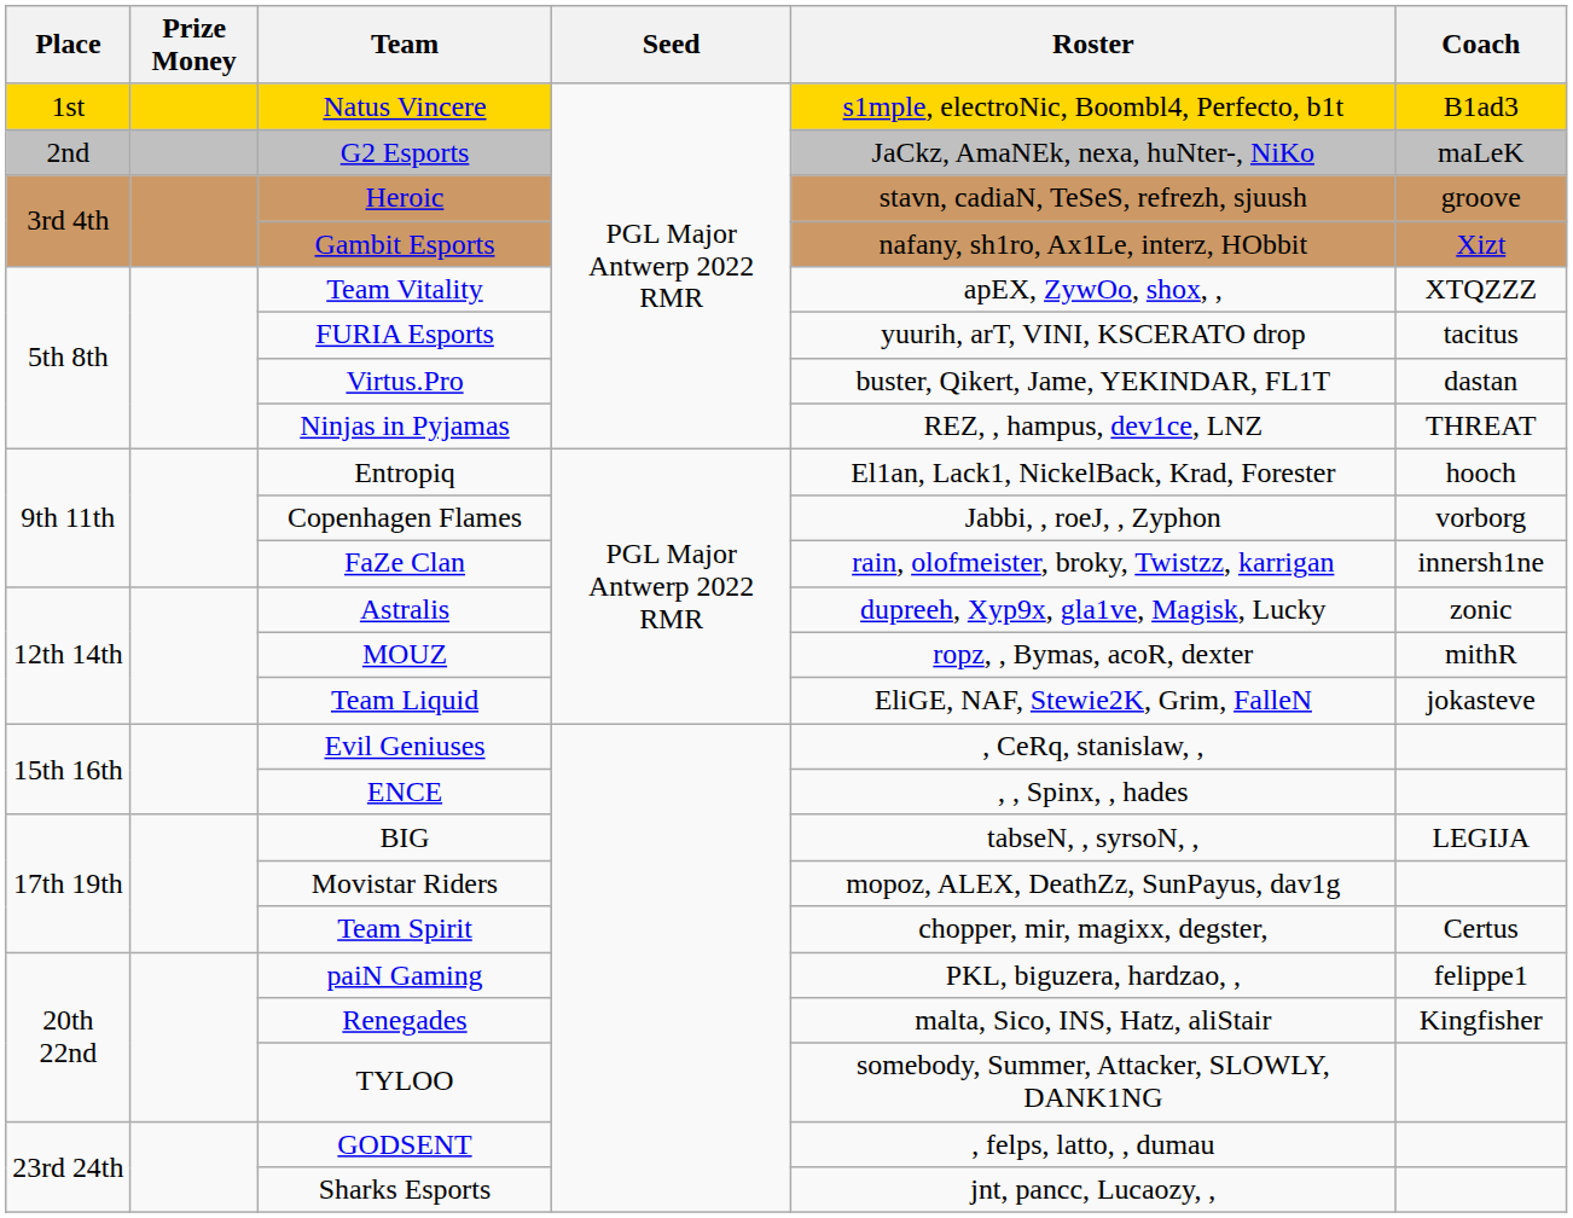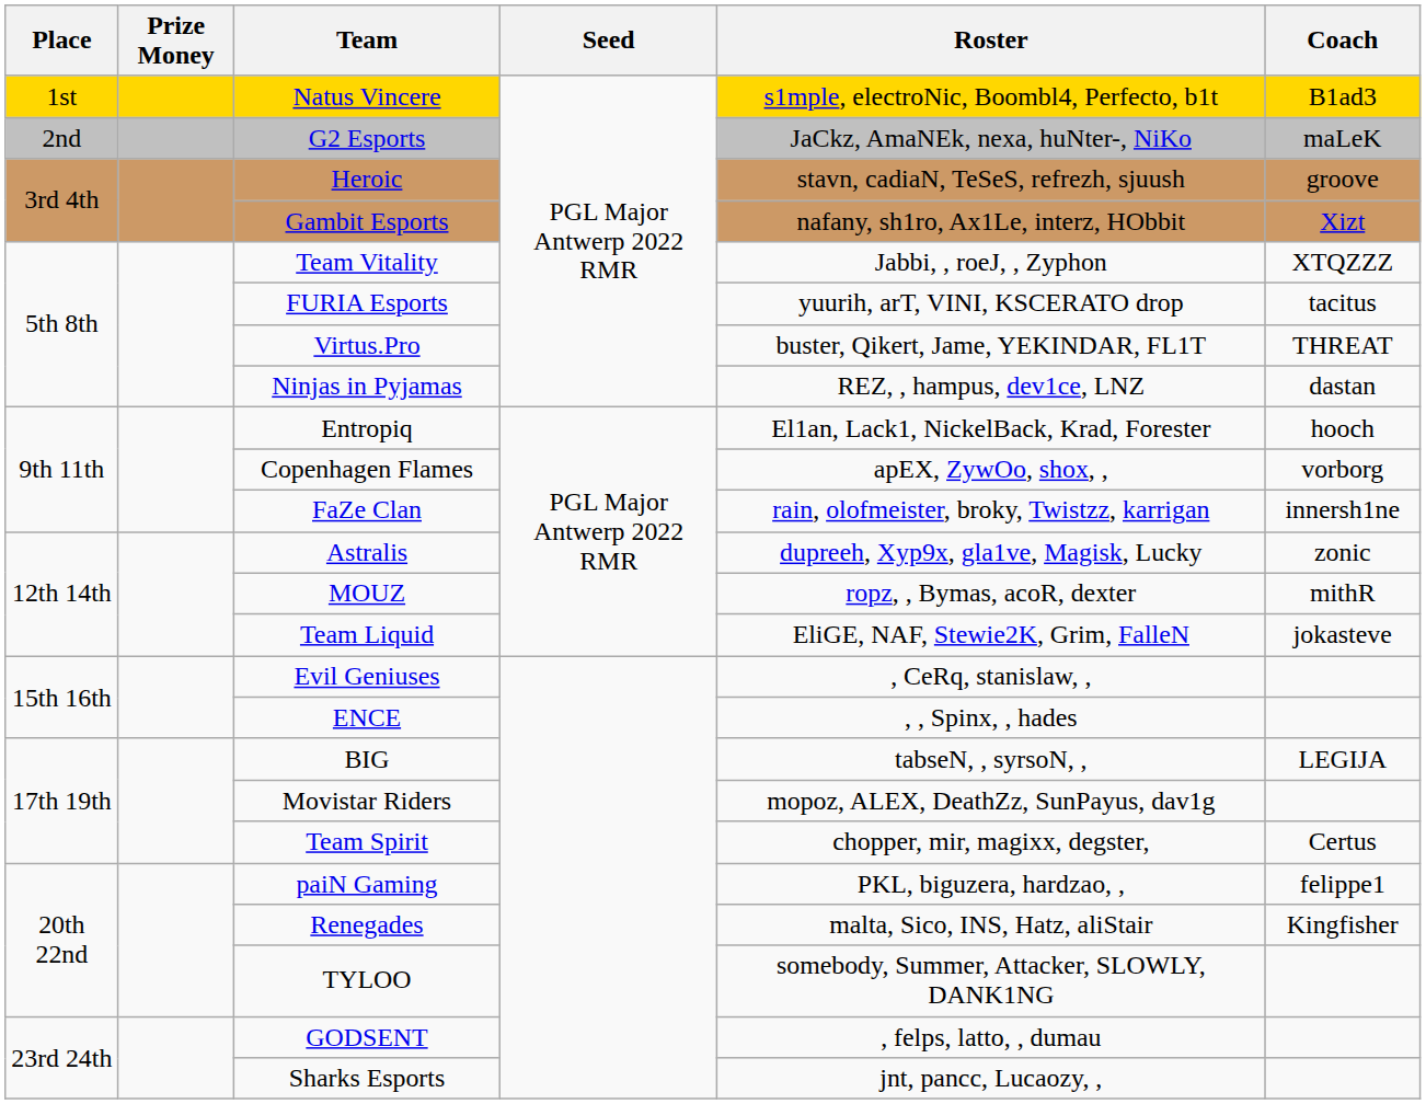 <table class="wikitable" style="text-align:center">
 <tr>
 <th width="80px">Place</th>
 <th width="75px">Prize Money</th>
 <th width="210">Team</th>
 <th width="175px">Seed</th>
 <th width="500px">Roster</th>
 <th width="100">Coach</th>
 </tr>
 <tr>
 <td style="text-align:center; background:gold;">1st</td>
 <td style="text-align:center; background:gold;"></td>
 <td style="text-align:center; background:gold;"><a href='#'>Natus Vincere</a></td>
 <td rowspan="8">PGL Major Antwerp 2022 RMR</td>
 <td style="text-align:center; background:gold;"><a href='#'>s1mple</a>, electroNic, Boombl4, Perfecto, b1t</td>
 <td style="text-align:center; background:gold;">B1ad3</td>
 </tr>
 <tr>
 <td style="text-align:center; background:silver;">2nd</td>
 <td style="text-align:center; background:silver;"></td>
 <td style="text-align:center; background:silver;"><a href='#'>G2 Esports</a></td>
 <td style="text-align:center; background:silver;">JaCkz, AmaNEk, nexa, huNter-, <a href='#'>NiKo</a></td>
 <td style="text-align:center; background:silver;">maLeK</td>
 </tr>
 <tr>
 <td style="text-align:center; background:#c96;" rowspan="2">3rd  4th</td>
 <td style="text-align:center; background:#c96;" rowspan="2"></td>
 <td style="text-align:center; background:#c96;"><a href='#'>Heroic</a></td>
 <td style="text-align:center; background:#c96;">stavn, cadiaN, TeSeS, refrezh, sjuush</td>
 <td style="text-align:center; background:#c96;">groove</td>
 </tr>
 <tr>
 <td style="text-align:center; background:#c96;"><a href='#'>Gambit Esports</a></td>
 <td style="text-align:center; background:#c96;">nafany, sh1ro, Ax1Le, interz, HObbit</td>
 <td style="text-align:center; background:#c96;"><a href='#'>Xizt</a></td>
 </tr>
 <tr>
 <td rowspan="4">5th  8th</td>
 <td rowspan="4"></td>
 <td><a href='#'>Team Vitality</a></td>
-<td>apEX, <a href='#'>ZywOo</a>, <a href='#'>shox</a>, , </td>
+<td>Jabbi, , roeJ, , Zyphon</td>
 <td>XTQZZZ</td>
 </tr>
 <tr>
 <td><a href='#'>FURIA Esports</a></td>
 <td>yuurih, arT, VINI, KSCERATO drop</td>
 <td>tacitus</td>
 </tr>
 <tr>
 <td><a href='#'>Virtus.Pro</a></td>
 <td>buster, Qikert, Jame, YEKINDAR, FL1T</td>
-<td>dastan</td>
+<td>THREAT</td>
 </tr>
 <tr>
 <td><a href='#'>Ninjas in Pyjamas</a></td>
 <td>REZ, , hampus, <a href='#'>dev1ce</a>, LNZ</td>
-<td>THREAT</td>
+<td>dastan</td>
 </tr>
 <tr>
 <td rowspan="3">9th  11th</td>
 <td rowspan="3"></td>
 <td>Entropiq</td>
 <td rowspan="6">PGL Major Antwerp 2022 RMR</td>
 <td>El1an, Lack1, NickelBack, Krad, Forester</td>
 <td>hooch</td>
 </tr>
 <tr>
 <td>Copenhagen Flames</td>
-<td>Jabbi, , roeJ, , Zyphon</td>
+<td>apEX, <a href='#'>ZywOo</a>, <a href='#'>shox</a>, , </td>
 <td>vorborg</td>
 </tr>
 <tr>
 <td><a href='#'>FaZe Clan</a></td>
 <td><a href='#'>rain</a>, <a href='#'>olofmeister</a>, broky, <a href='#'>Twistzz</a>, <a href='#'>karrigan</a></td>
 <td>innersh1ne</td>
 </tr>
 <tr>
 <td rowspan="3">12th  14th</td>
 <td rowspan="3"></td>
 <td><a href='#'>Astralis</a></td>
 <td><a href='#'>dupreeh</a>, <a href='#'>Xyp9x</a>, <a href='#'>gla1ve</a>, <a href='#'>Magisk</a>, Lucky</td>
 <td>zonic</td>
 </tr>
 <tr>
 <td><a href='#'>MOUZ</a></td>
 <td><a href='#'>ropz</a>, , Bymas, acoR, dexter</td>
 <td>mithR</td>
 </tr>
 <tr>
 <td><a href='#'>Team Liquid</a></td>
 <td>EliGE, NAF, <a href='#'>Stewie2K</a>, Grim, <a href='#'>FalleN</a></td>
 <td>jokasteve</td>
 </tr>
 <tr>
 <td rowspan="2">15th  16th</td>
 <td rowspan="2"></td>
 <td><a href='#'>Evil Geniuses</a></td>
 <td rowspan="10"></td>
 <td>, CeRq, stanislaw, , </td>
 <td></td>
 </tr>
 <tr>
 <td><a href='#'>ENCE</a></td>
 <td>, , Spinx, , hades</td>
 <td></td>
 </tr>
 <tr>
 <td rowspan="3">17th  19th</td>
 <td rowspan="3"></td>
 <td>BIG</td>
 <td>tabseN, , syrsoN, , </td>
 <td>LEGIJA</td>
 </tr>
 <tr>
 <td>Movistar Riders</td>
 <td>mopoz, ALEX, DeathZz, SunPayus, dav1g</td>
 <td></td>
 </tr>
 <tr>
 <td><a href='#'>Team Spirit</a></td>
 <td>chopper, mir, magixx, degster, </td>
 <td>Certus</td>
 </tr>
 <tr>
 <td rowspan="3">20th  22nd</td>
 <td rowspan="3"></td>
 <td><a href='#'>paiN Gaming</a></td>
 <td>PKL, biguzera, hardzao, , </td>
 <td>felippe1</td>
 </tr>
 <tr>
 <td><a href='#'>Renegades</a></td>
 <td>malta, Sico, INS, Hatz, aliStair</td>
 <td>Kingfisher</td>
 </tr>
 <tr>
 <td>TYLOO</td>
 <td>somebody, Summer, Attacker, SLOWLY, DANK1NG</td>
 <td></td>
 </tr>
 <tr>
 <td rowspan="2">23rd  24th</td>
 <td rowspan="2"></td>
 <td><a href='#'>GODSENT</a></td>
 <td>, felps, latto, , dumau</td>
 <td></td>
 </tr>
 <tr>
 <td>Sharks Esports</td>
 <td>jnt, pancc, Lucaozy, , </td>
 <td></td>
 </tr>
 </table>
